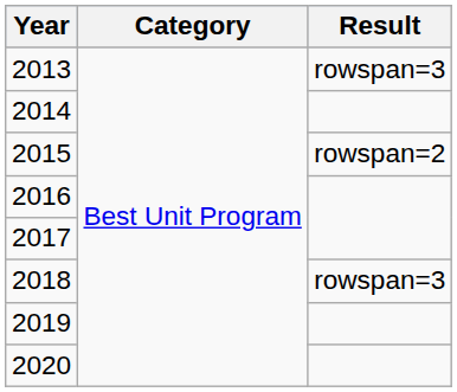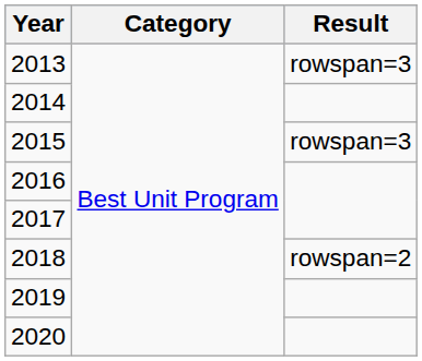 <table class="wikitable">
 <tr style="background:#b0c4de;">
 <th>Year</th>
 <th>Category</th>
 <th>Result</th>
 </tr>
 <tr>
 <td>2013</td>
 <td rowspan=8><a href='#'>Best Unit Program</a></td>
 <td>rowspan=3 </td>
 </tr>
 <tr>
 <td>2014</td>
 </tr>
 <tr>
 <td>2015</td>
-<td>rowspan=2 </td>
+<td>rowspan=3 </td>
 </tr>
 <tr>
 <td>2016</td>
 </tr>
 <tr>
 <td>2017</td>
 </tr>
 <tr>
 <td>2018</td>
-<td>rowspan=3 </td>
+<td>rowspan=2 </td>
 </tr>
 <tr>
 <td>2019</td>
 </tr>
 <tr>
 <td>2020</td>
 <td></td>
 </tr>
 </table>
